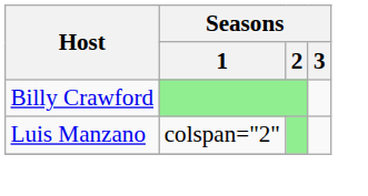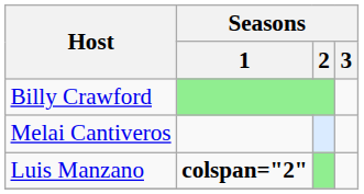 <table class="wikitable">
 <tr>
 <th rowspan="2">Host</th>
 <th colspan="3">Seasons</th>
 </tr>
 <tr>
 <th>1</th>
 <th>2</th>
 <th>3</th>
 </tr>
 <tr>
 <td><a href='#'>Billy Crawford</a></td>
 <td colspan="2" bgcolor="#90ee90"></td>
 <td></td>
 </tr>
 <tr>
+<td><a href='#'>Melai Cantiveros</a></td>
+<td></td>
+<td bgcolor="#DAEBFF"></td>
+<td></td>
+</tr>
+<tr>
 <td><a href='#'>Luis Manzano</a></td>
-<td>colspan="2" </td>
+<td><strong>colspan="2" </strong></td>
 <td bgcolor="#90ee90"></td>
 </tr>
 <tr>
 </tr>
 </table>
